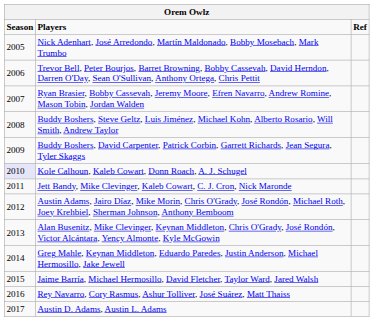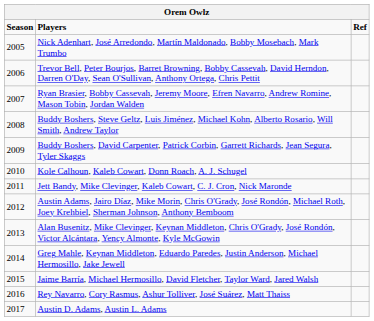 <table class="wikitable collapsible collapsed" style="text-align:left; font-size: 95%;">
 <tr>
 <th colspan=3>Orem Owlz</th>
 </tr>
 <tr>
 <td><strong>Season</strong></td>
 <td><strong>Players</strong></td>
 <td><strong>Ref</strong></td>
 </tr>
 <tr>
 <td>2005</td>
 <td><a href='#'>Nick Adenhart</a>, <a href='#'>José Arredondo</a>, <a href='#'>Martín Maldonado</a>, <a href='#'>Bobby Mosebach</a>, <a href='#'>Mark Trumbo</a></td>
 <td></td>
 </tr>
 <tr>
 <td>2006</td>
 <td><a href='#'>Trevor Bell</a>, <a href='#'>Peter Bourjos</a>, <a href='#'>Barret Browning</a>, <a href='#'>Bobby Cassevah</a>, <a href='#'>David Herndon</a>, <a href='#'>Darren O'Day</a>, <a href='#'>Sean O'Sullivan</a>, <a href='#'>Anthony Ortega</a>, <a href='#'>Chris Pettit</a></td>
 <td></td>
 </tr>
 <tr>
 <td>2007</td>
 <td><a href='#'>Ryan Brasier</a>, <a href='#'>Bobby Cassevah</a>, <a href='#'>Jeremy Moore</a>, <a href='#'>Efren Navarro</a>, <a href='#'>Andrew Romine</a>, <a href='#'>Mason Tobin</a>, <a href='#'>Jordan Walden</a></td>
 <td></td>
 </tr>
 <tr>
 <td>2008</td>
 <td><a href='#'>Buddy Boshers</a>, <a href='#'>Steve Geltz</a>, <a href='#'>Luis Jiménez</a>, <a href='#'>Michael Kohn</a>, <a href='#'>Alberto Rosario</a>, <a href='#'>Will Smith</a>, <a href='#'>Andrew Taylor</a></td>
 <td></td>
 </tr>
 <tr>
 <td>2009</td>
 <td><a href='#'>Buddy Boshers</a>, <a href='#'>David Carpenter</a>, <a href='#'>Patrick Corbin</a>, <a href='#'>Garrett Richards</a>, <a href='#'>Jean Segura</a>, <a href='#'>Tyler Skaggs</a></td>
 <td></td>
 </tr>
 <tr>
-<td style="background: lavender;">2010</td>
+<td>2010</td>
 <td><a href='#'>Kole Calhoun</a>, <a href='#'>Kaleb Cowart</a>, <a href='#'>Donn Roach</a>, <a href='#'>A. J. Schugel</a></td>
 <td></td>
 </tr>
 <tr>
 <td>2011</td>
 <td><a href='#'>Jett Bandy</a>, <a href='#'>Mike Clevinger</a>, <a href='#'>Kaleb Cowart</a>, <a href='#'>C. J. Cron</a>, <a href='#'>Nick Maronde</a></td>
 <td></td>
 </tr>
 <tr>
 <td>2012</td>
 <td><a href='#'>Austin Adams</a>, <a href='#'>Jairo Díaz</a>, <a href='#'>Mike Morin</a>, <a href='#'>Chris O'Grady</a>, <a href='#'>José Rondón</a>, <a href='#'>Michael Roth</a>, <a href='#'>Joey Krehbiel</a>, <a href='#'>Sherman Johnson</a>, <a href='#'>Anthony Bemboom</a></td>
 <td></td>
 </tr>
 <tr>
 <td>2013</td>
 <td><a href='#'>Alan Busenitz</a>, <a href='#'>Mike Clevinger</a>, <a href='#'>Keynan Middleton</a>, <a href='#'>Chris O'Grady</a>, <a href='#'>José Rondón</a>, <a href='#'>Victor Alcántara</a>, <a href='#'>Yency Almonte</a>, <a href='#'>Kyle McGowin</a></td>
 <td></td>
 </tr>
 <tr>
 <td>2014</td>
 <td><a href='#'>Greg Mahle</a>, <a href='#'>Keynan Middleton</a>, <a href='#'>Eduardo Paredes</a>, <a href='#'>Justin Anderson</a>, <a href='#'>Michael Hermosillo</a>, <a href='#'>Jake Jewell</a></td>
 <td></td>
 </tr>
 <tr>
 <td>2015</td>
 <td><a href='#'>Jaime Barría</a>, <a href='#'>Michael Hermosillo</a>, <a href='#'>David Fletcher</a>, <a href='#'>Taylor Ward</a>, <a href='#'>Jared Walsh</a></td>
 <td></td>
 </tr>
 <tr>
 <td>2016</td>
 <td><a href='#'>Rey Navarro</a>, <a href='#'>Cory Rasmus</a>, <a href='#'>Ashur Tolliver</a>, <a href='#'>José Suárez</a>, <a href='#'>Matt Thaiss</a></td>
 <td></td>
 </tr>
 <tr>
 <td>2017</td>
 <td><a href='#'>Austin D. Adams</a>, <a href='#'>Austin L. Adams</a></td>
 <td></td>
 </tr>
 </table>
